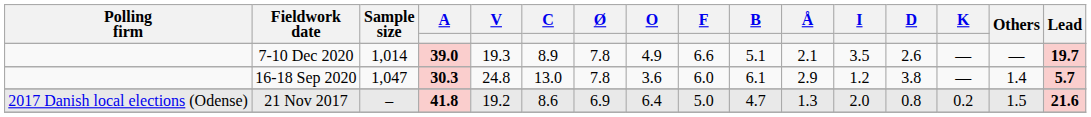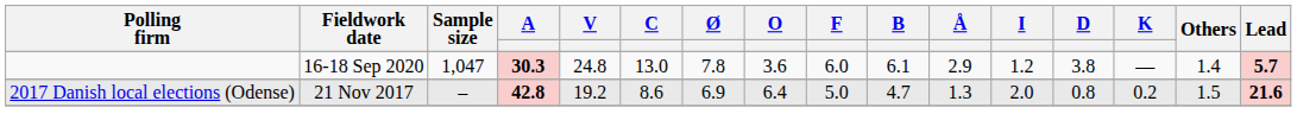 <table class="wikitable sortable mw-datatable" style="text-align:center;font-size:90%;line-height:14px;">
 <tr>
 <th rowspan="2">Polling<br>firm</th>
 <th rowspan="2">Fieldwork<br>date</th>
 <th rowspan="2">Sample<br>size</th>
 <th class="unsortable" style="width:40px;"><a href='#'>A</a></th>
 <th class="unsortable" style="width:40px;"><a href='#'>V</a></th>
 <th class="unsortable" style="width:40px;"><a href='#'>C</a></th>
 <th class="unsortable" style="width:40px;"><a href='#'>Ø</a></th>
 <th class="unsortable" style="width:40px;"><a href='#'>O</a></th>
 <th class="unsortable" style="width:40px;"><a href='#'>F</a></th>
 <th class="unsortable" style="width:40px;"><a href='#'>B</a></th>
 <th class="unsortable" style="width:40px;"><a href='#'>Å</a></th>
 <th class="unsortable" style="width:40px;"><a href='#'>I</a></th>
 <th class="unsortable" style="width:40px;"><a href='#'>D</a></th>
 <th class="unsortable" style="width:40px;"><a href='#'>K</a></th>
 <th class="unsortable" style="width:40px;" rowspan="2">Others</th>
 <th rowspan="2">Lead</th>
 </tr>
 <tr>
 <th data-sort-type="number" style="background:"></th>
 <th data-sort-type="number" style="background:"></th>
 <th data-sort-type="number" style="background:"></th>
 <th data-sort-type="number" style="background:"></th>
 <th data-sort-type="number" style="background:"></th>
 <th data-sort-type="number" style="background:"></th>
 <th data-sort-type="number" style="background:"></th>
 <th data-sort-type="number" style="background:"></th>
 <th data-sort-type="number" style="background:"></th>
 <th data-sort-type="number" style="background:"></th>
 <th data-sort-type="number" style="background:"></th>
 </tr>
 <tr>
 </tr>
 <tr>
-<td></td>
-<td>7-10 Dec 2020</td>
-<td>1,014</td>
-<td style="background:#FACECD;"><strong>39.0</strong></td>
-<td>19.3</td>
-<td>8.9</td>
-<td>7.8</td>
-<td>4.9</td>
-<td>6.6</td>
-<td>5.1</td>
-<td>2.1</td>
-<td>3.5</td>
-<td>2.6</td>
-<td>—</td>
-<td>—</td>
-<td style="background:#FACECD;"><strong>19.7</strong></td>
-</tr>
-<tr>
 </tr>
 <tr>
 <td></td>
 <td>16-18 Sep 2020</td>
 <td>1,047</td>
 <td style="background:#FACECD;"><strong>30.3</strong></td>
 <td>24.8</td>
 <td>13.0</td>
 <td>7.8</td>
 <td>3.6</td>
 <td>6.0</td>
 <td>6.1</td>
 <td>2.9</td>
 <td>1.2</td>
 <td>3.8</td>
 <td>—</td>
 <td>1.4</td>
 <td style="background:#FACECD;"><strong>5.7</strong></td>
 </tr>
 <tr>
 </tr>
 <tr>
 <td style="background:#E9E9E9;"><a href='#'>2017 Danish local elections</a> (Odense)</td>
 <td style="background:#E9E9E9;" data-sort-value="2017-11-21">21 Nov 2017</td>
 <td style="background:#E9E9E9;">–</td>
-<td style="background:#FACECD;"><strong>41.8</strong></td>
+<td style="background:#FACECD;"><strong>42.8</strong></td>
 <td style="background:#E9E9E9;">19.2</td>
 <td style="background:#E9E9E9;">8.6</td>
 <td style="background:#E9E9E9;">6.9</td>
 <td style="background:#E9E9E9;">6.4</td>
 <td style="background:#E9E9E9;">5.0</td>
 <td style="background:#E9E9E9;">4.7</td>
 <td style="background:#E9E9E9;">1.3</td>
 <td style="background:#E9E9E9;">2.0</td>
 <td style="background:#E9E9E9;">0.8</td>
 <td style="background:#E9E9E9;">0.2</td>
 <td style="background:#E9E9E9;">1.5</td>
 <td style="background:#FACECD;"><strong>21.6</strong></td>
 </tr>
 <tr>
 </tr>
 </table>
